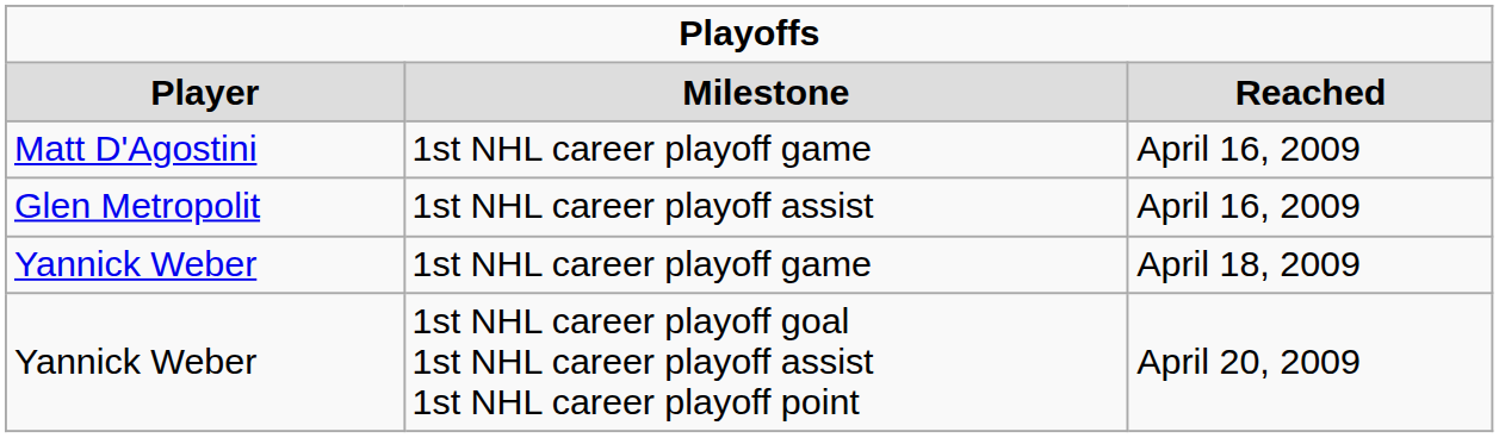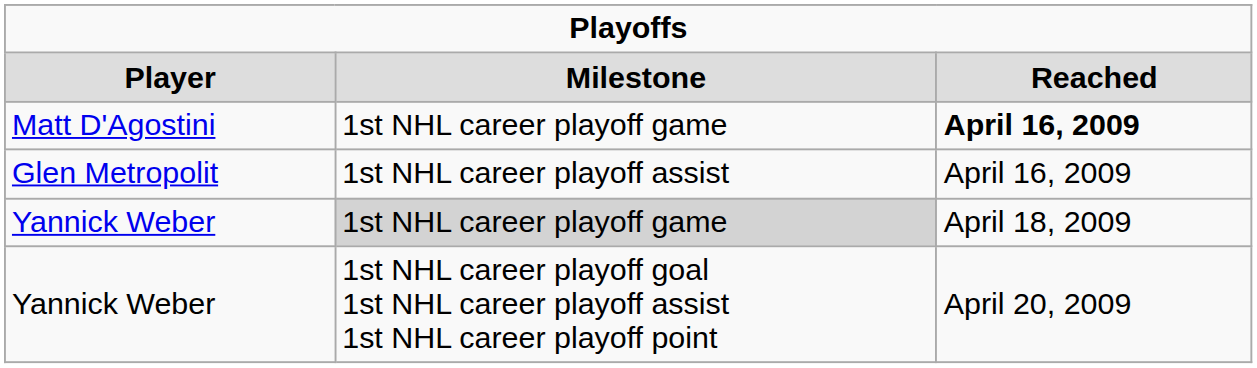 <table class="wikitable" style="width:52%;">
 <tr>
 <td colspan="10" style="text-align:center;"><strong>Playoffs</strong></td>
 </tr>
 <tr style="text-align:center; background:#ddd;">
 <td><strong>Player</strong></td>
 <td><strong>Milestone</strong></td>
 <td><strong>Reached</strong></td>
 </tr>
 <tr>
 <td><a href='#'>Matt D'Agostini</a></td>
 <td>1st NHL career playoff game</td>
-<td>April 16, 2009</td>
+<td><strong>April 16, 2009</strong></td>
 </tr>
 <tr>
 <td><a href='#'>Glen Metropolit</a></td>
 <td>1st NHL career playoff assist</td>
 <td>April 16, 2009</td>
 </tr>
 <tr>
 <td><a href='#'>Yannick Weber</a></td>
-<td>1st NHL career playoff game</td>
+<td style="background: lightgrey;">1st NHL career playoff game</td>
 <td>April 18, 2009</td>
 </tr>
 <tr>
 <td>Yannick Weber</td>
 <td>1st NHL career playoff goal<br>1st NHL career playoff assist<br>1st NHL career playoff point</td>
 <td>April 20, 2009</td>
 </tr>
 </table>
